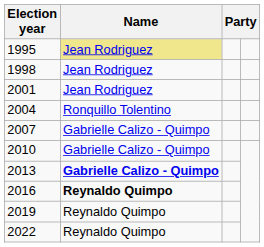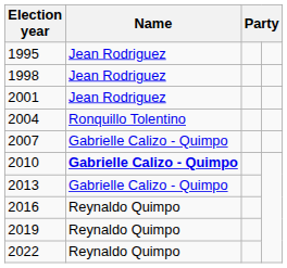 <table class=wikitable>
 <tr>
 <th>Election<br>year</th>
 <th>Name</th>
 <th colspan=2>Party</th>
 </tr>
 <tr>
 <td>1995</td>
-<td style="background: khaki;"><a href='#'>Jean Rodriguez</a></td>
+<td><a href='#'>Jean Rodriguez</a></td>
 <td></td>
 <td></td>
 </tr>
 <tr>
 <td>1998</td>
 <td><a href='#'>Jean Rodriguez</a></td>
 <td></td>
 <td></td>
 </tr>
 <tr>
 <td>2001</td>
 <td><a href='#'>Jean Rodriguez</a></td>
 <td></td>
 <td></td>
 </tr>
 <tr>
 <td>2004</td>
 <td><a href='#'>Ronquillo Tolentino</a></td>
 <td></td>
 </tr>
 <tr>
 <td>2007</td>
 <td><a href='#'>Gabrielle Calizo - Quimpo</a></td>
 <td></td>
 <td></td>
 </tr>
 <tr>
 <td>2010</td>
+<td><strong><a href='#'>Gabrielle Calizo - Quimpo</a></strong></td>
+<td></td>
+</tr>
+<tr>
+<td>2013</td>
 <td><a href='#'>Gabrielle Calizo - Quimpo</a></td>
 <td></td>
 </tr>
 <tr>
-<td>2013</td>
-<td><strong><a href='#'>Gabrielle Calizo - Quimpo</a></strong></td>
-<td></td>
-</tr>
-<tr>
 <td>2016</td>
-<td><strong>Reynaldo Quimpo</strong></td>
+<td>Reynaldo Quimpo</td>
 <td></td>
 </tr>
 <tr>
 <td>2019</td>
 <td>Reynaldo Quimpo</td>
 <td></td>
 </tr>
 <tr>
 <td>2022</td>
 <td>Reynaldo Quimpo</td>
 <td></td>
 </tr>
 </table>
